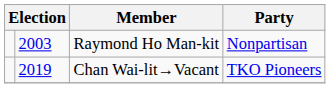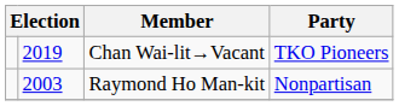 <table class="wikitable">
 <tr>
 <th colspan="2">Election</th>
 <th>Member</th>
 <th>Party</th>
 </tr>
 <tr>
 <td style="color:inherit;background:"></td>
+<td><a href='#'>2019</a></td>
+<td>Chan Wai-lit→Vacant</td>
+<td><a href='#'>TKO Pioneers</a></td>
+</tr>
+<tr>
+<td style="color:inherit;background:"></td>
 <td><a href='#'>2003</a></td>
 <td>Raymond Ho Man-kit</td>
 <td><a href='#'>Nonpartisan</a></td>
 </tr>
 <tr>
-<td style="color:inherit;background:"></td>
-<td><a href='#'>2019</a></td>
-<td>Chan Wai-lit→Vacant</td>
-<td><a href='#'>TKO Pioneers</a></td>
-</tr>
-<tr>
 </tr>
 </table>
